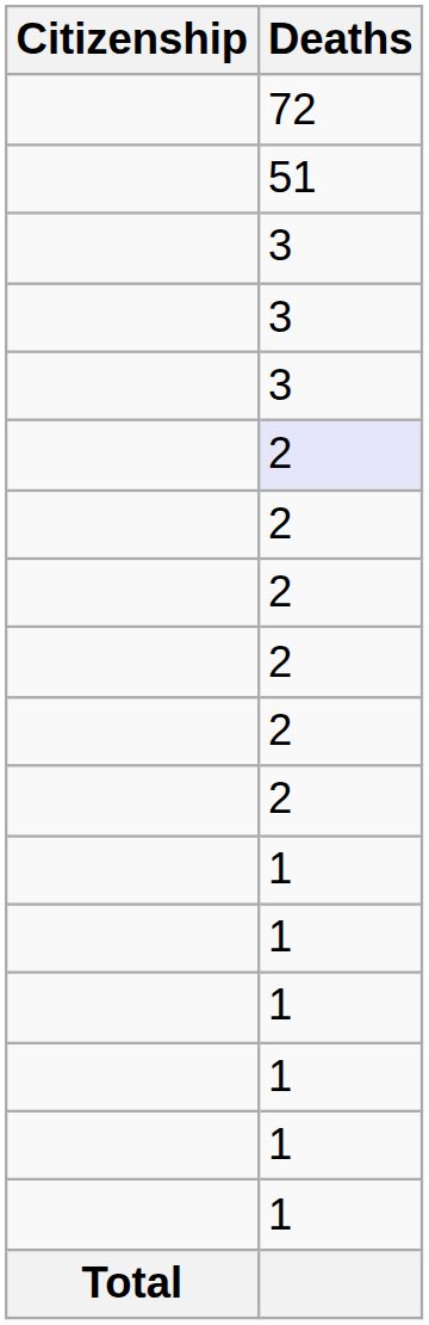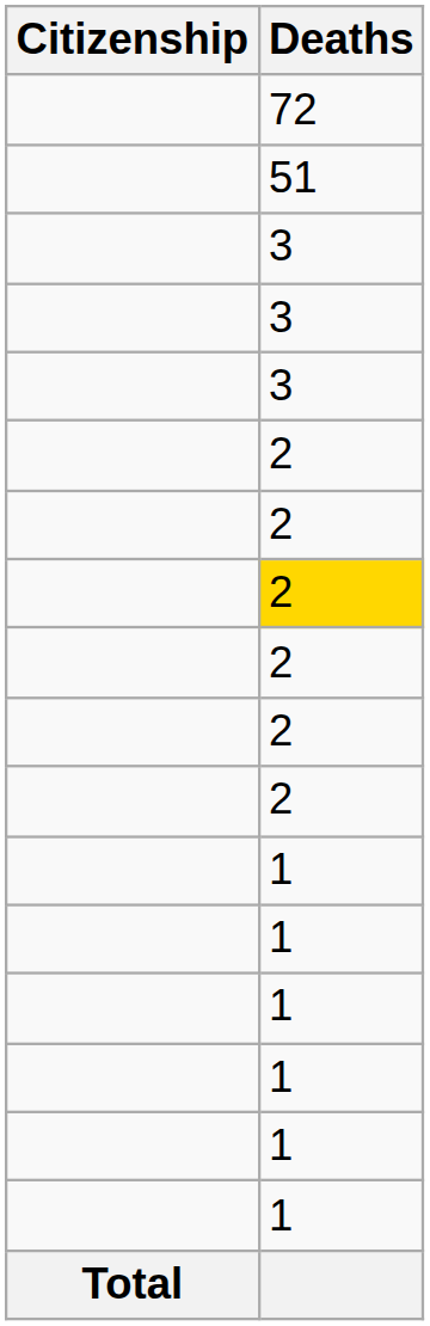 <table class="wikitable sortable floatright">
 <tr>
 <th>Citizenship</th>
 <th>Deaths</th>
 </tr>
 <tr>
 <td></td>
 <td>72</td>
 </tr>
 <tr>
 <td></td>
 <td>51</td>
 </tr>
 <tr>
 <td></td>
 <td>3</td>
 </tr>
 <tr>
 <td></td>
 <td>3</td>
 </tr>
 <tr>
 <td></td>
 <td>3</td>
 </tr>
 <tr>
 <td></td>
-<td style="background: lavender;">2</td>
+<td>2</td>
 </tr>
 <tr>
 <td></td>
 <td>2</td>
 </tr>
 <tr>
 <td></td>
-<td>2</td>
+<td style="background: gold;">2</td>
 </tr>
 <tr>
 <td></td>
 <td>2</td>
 </tr>
 <tr>
 <td></td>
 <td>2</td>
 </tr>
 <tr>
 <td></td>
 <td>2</td>
 </tr>
 <tr>
 <td></td>
 <td>1</td>
 </tr>
 <tr>
 <td></td>
 <td>1</td>
 </tr>
 <tr>
 <td></td>
 <td>1</td>
 </tr>
 <tr>
 <td></td>
 <td>1</td>
 </tr>
 <tr>
 <td></td>
 <td>1</td>
 </tr>
 <tr>
 <td></td>
 <td>1</td>
 </tr>
 <tr class="sortbottom">
 <th><strong>Total</strong></th>
 <th><strong></strong></th>
 </tr>
 </table>
